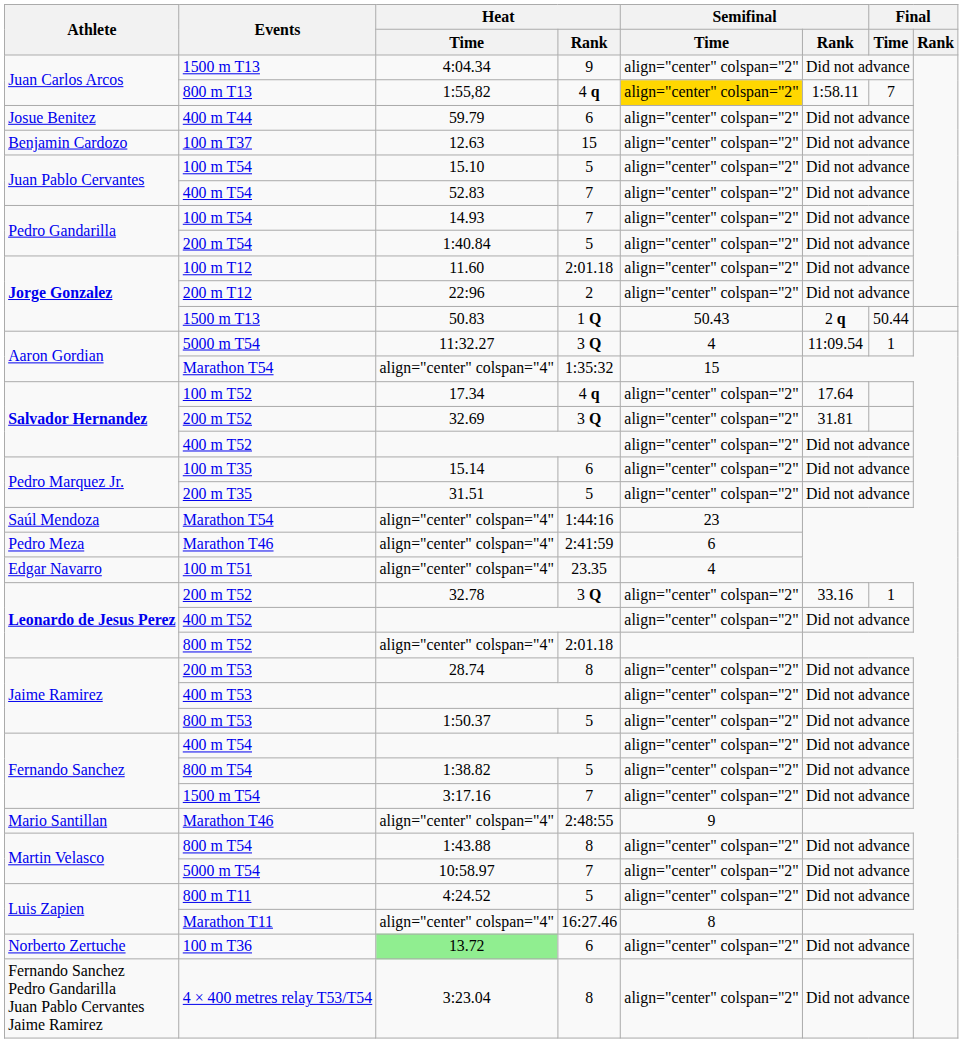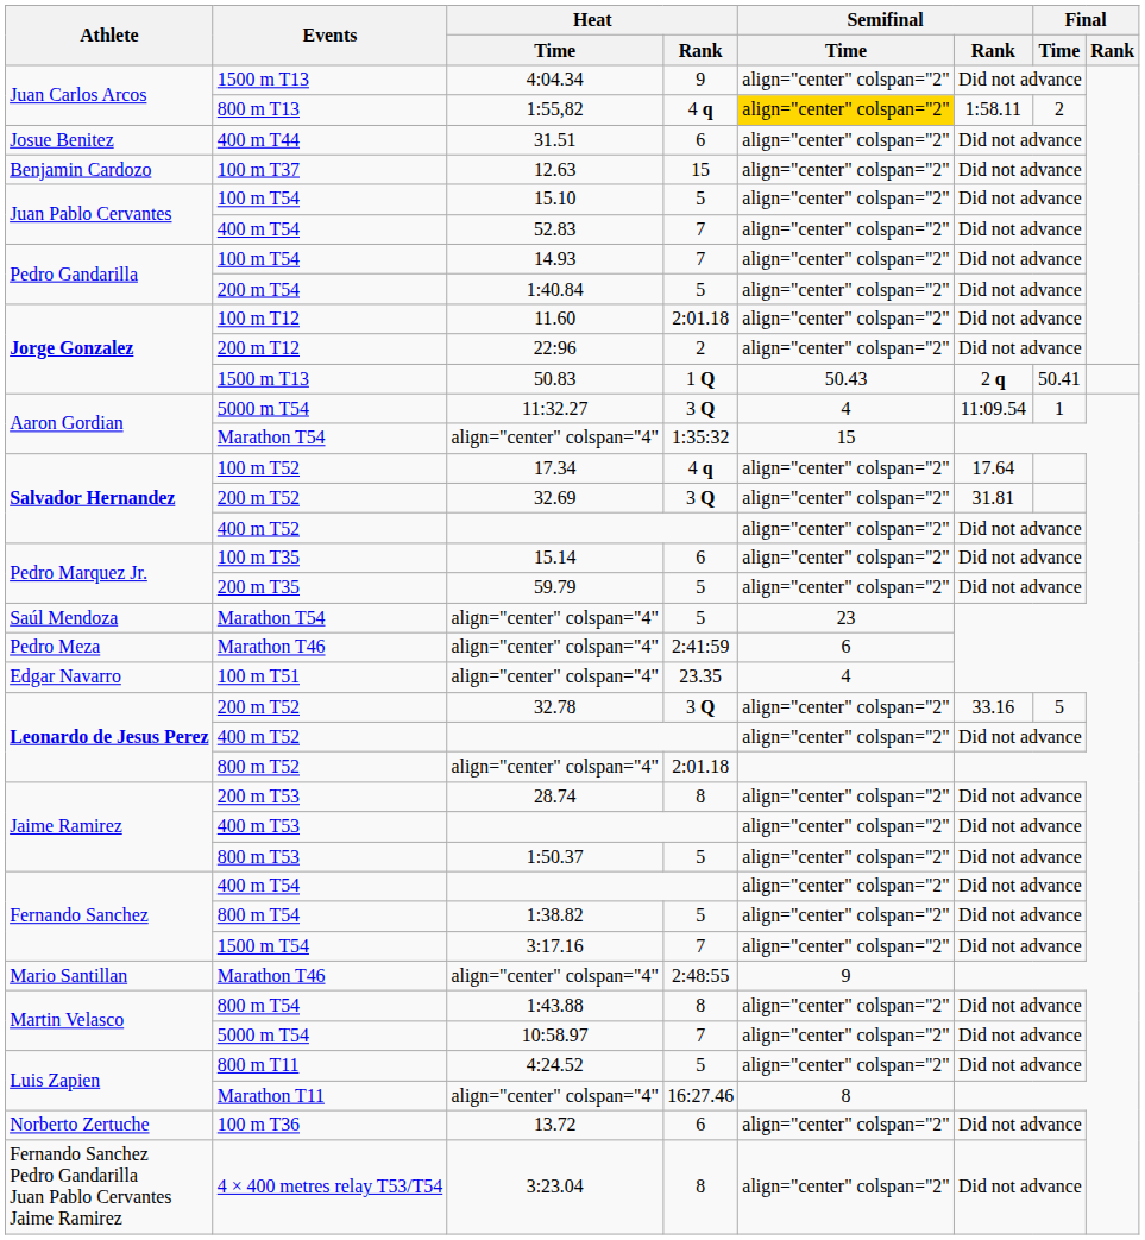 <table class=wikitable>
 <tr>
 <th rowspan="2">Athlete</th>
 <th rowspan="2">Events</th>
 <th colspan="2">Heat</th>
 <th colspan="2">Semifinal</th>
 <th colspan="2">Final</th>
 </tr>
 <tr>
 <th>Time</th>
 <th>Rank</th>
 <th>Time</th>
 <th>Rank</th>
 <th>Time</th>
 <th>Rank</th>
 </tr>
 <tr>
 <td rowspan=2><a href='#'>Juan Carlos Arcos</a></td>
 <td><a href='#'>1500 m T13</a></td>
 <td align="center">4:04.34</td>
 <td align="center">9</td>
 <td>align="center" colspan="2" </td>
 <td align="center" colspan="2">Did not advance</td>
 </tr>
 <tr>
 <td><a href='#'>800 m T13</a></td>
 <td align="center">1:55,82</td>
 <td align="center">4 <strong>q</strong></td>
 <td style="background: gold;">align="center" colspan="2" </td>
 <td align="center">1:58.11</td>
-<td align="center">7</td>
+<td align="center">2</td>
 </tr>
 <tr>
 <td><a href='#'>Josue Benitez</a></td>
 <td><a href='#'>400 m T44</a></td>
-<td align="center">59.79</td>
+<td align="center">31.51</td>
 <td align="center">6</td>
 <td>align="center" colspan="2" </td>
 <td align="center" colspan="2">Did not advance</td>
 </tr>
 <tr>
 <td><a href='#'>Benjamin Cardozo</a></td>
 <td><a href='#'>100 m T37</a></td>
 <td align="center">12.63</td>
 <td align="center">15</td>
 <td>align="center" colspan="2" </td>
 <td align="center" colspan="2">Did not advance</td>
 </tr>
 <tr>
 <td rowspan="2"><a href='#'>Juan Pablo Cervantes</a></td>
 <td><a href='#'>100 m T54</a></td>
 <td align="center">15.10</td>
 <td align="center">5</td>
 <td>align="center" colspan="2" </td>
 <td align="center" colspan="2">Did not advance</td>
 </tr>
 <tr>
 <td><a href='#'>400 m T54</a></td>
 <td align="center">52.83</td>
 <td align="center">7</td>
 <td>align="center" colspan="2" </td>
 <td align="center" colspan="2">Did not advance</td>
 </tr>
 <tr>
 <td rowspan=2><a href='#'>Pedro Gandarilla</a></td>
 <td><a href='#'>100 m T54</a></td>
 <td align="center">14.93</td>
 <td align="center">7</td>
 <td>align="center" colspan="2" </td>
 <td align="center" colspan=2>Did not advance</td>
 </tr>
 <tr>
 <td><a href='#'>200 m T54</a></td>
 <td align="center">1:40.84</td>
 <td align="center">5</td>
 <td>align="center" colspan="2" </td>
 <td align="center" colspan="2">Did not advance</td>
 </tr>
 <tr>
 <td rowspan=3><strong><a href='#'>Jorge Gonzalez</a></strong></td>
 <td><a href='#'>100 m T12</a></td>
 <td align="center">11.60</td>
 <td align="center">2:01.18</td>
 <td>align="center" colspan="2" </td>
 <td align="center" colspan="2">Did not advance</td>
 </tr>
 <tr>
 <td><a href='#'>200 m T12</a></td>
 <td align="center">22:96</td>
 <td align="center">2</td>
 <td>align="center" colspan="2" </td>
 <td align="center" colspan="2">Did not advance</td>
 </tr>
 <tr>
 <td><a href='#'>1500 m T13</a></td>
 <td align="center">50.83</td>
 <td align="center">1 <strong>Q</strong></td>
 <td align="center">50.43</td>
 <td align="center">2 <strong>q</strong></td>
-<td align="center">50.44</td>
+<td align="center">50.41</td>
 <td align="center"></td>
 </tr>
 <tr>
 <td rowspan=2><a href='#'>Aaron Gordian</a></td>
 <td><a href='#'>5000 m T54</a></td>
 <td align="center">11:32.27</td>
 <td align="center">3 <strong>Q</strong></td>
 <td align="center">4</td>
 <td align="center">11:09.54</td>
 <td align="center">1</td>
 </tr>
 <tr>
 <td><a href='#'>Marathon T54</a></td>
 <td>align="center" colspan="4" </td>
 <td align="center">1:35:32</td>
 <td align="center">15</td>
 </tr>
 <tr>
 <td rowspan=3><strong><a href='#'>Salvador Hernandez</a></strong></td>
 <td><a href='#'>100 m T52</a></td>
 <td align="center">17.34</td>
 <td align="center">4 <strong>q</strong></td>
 <td>align="center" colspan="2" </td>
 <td align="center">17.64</td>
 <td align="center"></td>
 </tr>
 <tr>
 <td><a href='#'>200 m T52</a></td>
 <td align="center">32.69</td>
 <td align="center">3 <strong>Q</strong></td>
 <td>align="center" colspan="2" </td>
 <td align="center">31.81</td>
 <td align="center"></td>
 </tr>
 <tr>
 <td><a href='#'>400 m T52</a></td>
 <td align="center" colspan=2></td>
 <td>align="center" colspan="2" </td>
 <td align="center" colspan=2>Did not advance</td>
 </tr>
 <tr>
 <td rowspan="2"><a href='#'>Pedro Marquez Jr.</a></td>
 <td><a href='#'>100 m T35</a></td>
 <td align="center">15.14</td>
 <td align="center">6</td>
 <td>align="center" colspan="2" </td>
 <td align="center" colspan=2>Did not advance</td>
 </tr>
 <tr>
 <td><a href='#'>200 m T35</a></td>
-<td align="center">31.51</td>
+<td align="center">59.79</td>
 <td align="center">5</td>
 <td>align="center" colspan="2" </td>
 <td align="center" colspan=2>Did not advance</td>
 </tr>
 <tr>
 <td><a href='#'>Saúl Mendoza</a></td>
 <td><a href='#'>Marathon T54</a></td>
 <td>align="center" colspan="4" </td>
-<td align="center">1:44:16</td>
+<td align="center">5</td>
 <td align="center">23</td>
 </tr>
 <tr>
 <td><a href='#'>Pedro Meza</a></td>
 <td><a href='#'>Marathon T46</a></td>
 <td>align="center" colspan="4" </td>
 <td align="center">2:41:59</td>
 <td align="center">6</td>
 </tr>
 <tr>
 <td><a href='#'>Edgar Navarro</a></td>
 <td><a href='#'>100 m T51</a></td>
 <td>align="center" colspan="4" </td>
 <td align="center">23.35</td>
 <td align="center">4</td>
 </tr>
 <tr>
 <td rowspan=3><strong><a href='#'>Leonardo de Jesus Perez</a></strong></td>
 <td><a href='#'>200 m T52</a></td>
 <td align="center">32.78</td>
 <td align="center">3 <strong>Q</strong></td>
 <td>align="center" colspan="2" </td>
 <td align="center">33.16</td>
-<td align="center">1</td>
+<td align="center">5</td>
 </tr>
 <tr>
 <td><a href='#'>400 m T52</a></td>
 <td align="center" colspan=2></td>
 <td>align="center" colspan="2" </td>
 <td align="center" colspan=2>Did not advance</td>
 </tr>
 <tr>
 <td><a href='#'>800 m T52</a></td>
 <td>align="center" colspan="4" </td>
 <td align="center">2:01.18</td>
 <td align="center"></td>
 </tr>
 <tr>
 <td rowspan=3><a href='#'>Jaime Ramirez</a></td>
 <td><a href='#'>200 m T53</a></td>
 <td align="center">28.74</td>
 <td align="center">8</td>
 <td>align="center" colspan="2" </td>
 <td align="center" colspan="2">Did not advance</td>
 </tr>
 <tr>
 <td><a href='#'>400 m T53</a></td>
 <td align="center" colspan=2></td>
 <td>align="center" colspan="2" </td>
 <td align="center" colspan=2>Did not advance</td>
 </tr>
 <tr>
 <td><a href='#'>800 m T53</a></td>
 <td align="center">1:50.37</td>
 <td align="center">5</td>
 <td>align="center" colspan="2" </td>
 <td align="center" colspan=2>Did not advance</td>
 </tr>
 <tr>
 <td rowspan=3><a href='#'>Fernando Sanchez</a></td>
 <td><a href='#'>400 m T54</a></td>
 <td align="center" colspan=2></td>
 <td>align="center" colspan="2" </td>
 <td align="center" colspan=2>Did not advance</td>
 </tr>
 <tr>
 <td><a href='#'>800 m T54</a></td>
 <td align="center">1:38.82</td>
 <td align="center">5</td>
 <td>align="center" colspan="2" </td>
 <td align="center" colspan=2>Did not advance</td>
 </tr>
 <tr>
 <td><a href='#'>1500 m T54</a></td>
 <td align="center">3:17.16</td>
 <td align="center">7</td>
 <td>align="center" colspan="2" </td>
 <td align="center" colspan=2>Did not advance</td>
 </tr>
 <tr>
 <td><a href='#'>Mario Santillan</a></td>
 <td><a href='#'>Marathon T46</a></td>
 <td>align="center" colspan="4" </td>
 <td align="center">2:48:55</td>
 <td align="center">9</td>
 </tr>
 <tr>
 <td rowspan=2><a href='#'>Martin Velasco</a></td>
 <td><a href='#'>800 m T54</a></td>
 <td align="center">1:43.88</td>
 <td align="center">8</td>
 <td>align="center" colspan="2" </td>
 <td align="center" colspan=2>Did not advance</td>
 </tr>
 <tr>
 <td><a href='#'>5000 m T54</a></td>
 <td align="center">10:58.97</td>
 <td align="center">7</td>
 <td>align="center" colspan="2" </td>
 <td align="center" colspan=2>Did not advance</td>
 </tr>
 <tr>
 <td rowspan=2><a href='#'>Luis Zapien</a></td>
 <td><a href='#'>800 m T11</a></td>
 <td align="center">4:24.52</td>
 <td align="center">5</td>
 <td>align="center" colspan="2" </td>
 <td align="center" colspan=2>Did not advance</td>
 </tr>
 <tr>
 <td><a href='#'>Marathon T11</a></td>
 <td>align="center" colspan="4" </td>
 <td align="center">16:27.46</td>
 <td align="center">8</td>
 </tr>
 <tr>
 <td><a href='#'>Norberto Zertuche</a></td>
 <td><a href='#'>100 m T36</a></td>
-<td align="center" style="background: lightgreen;">13.72</td>
+<td align="center">13.72</td>
 <td align="center">6</td>
 <td>align="center" colspan="2" </td>
 <td align="center" colspan=2>Did not advance</td>
 </tr>
 <tr>
 <td>Fernando Sanchez<br>Pedro Gandarilla<br>Juan Pablo Cervantes<br>Jaime Ramirez</td>
 <td><a href='#'>4 × 400 metres relay T53/T54</a></td>
 <td align="center">3:23.04</td>
 <td align="center">8</td>
 <td>align="center" colspan="2" </td>
 <td align="center" colspan=2>Did not advance</td>
 </tr>
 </table>
